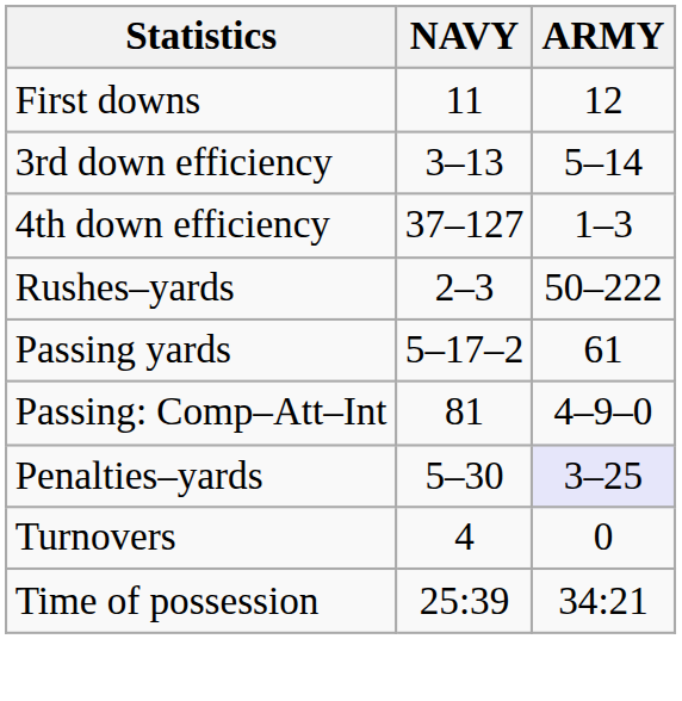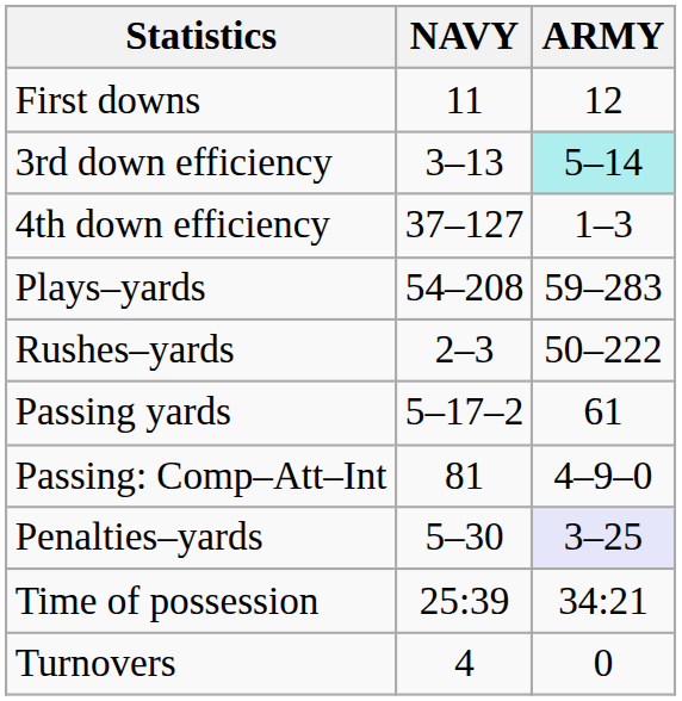 <table class="wikitable">
 <tr>
 <th>Statistics</th>
 <th>NAVY</th>
 <th>ARMY</th>
 </tr>
 <tr>
 <td>First downs</td>
 <td align=center>11</td>
 <td align=center>12</td>
 </tr>
 <tr>
 <td>3rd down efficiency</td>
 <td align=center>3–13</td>
-<td align=center>5–14</td>
+<td align=center style="background: paleturquoise;">5–14</td>
 </tr>
 <tr>
 <td>4th down efficiency</td>
 <td align=center>37–127</td>
 <td align=center>1–3</td>
+</tr>
+<tr>
+<td>Plays–yards</td>
+<td align=center>54–208</td>
+<td align=center>59–283</td>
 </tr>
 <tr>
 <td>Rushes–yards</td>
 <td align=center>2–3</td>
 <td align=center>50–222</td>
 </tr>
 <tr>
 <td>Passing yards</td>
 <td align=center>5–17–2</td>
 <td align=center>61</td>
 </tr>
 <tr>
 <td>Passing: Comp–Att–Int</td>
 <td align=center>81</td>
 <td align=center>4–9–0</td>
 </tr>
 <tr>
 <td>Penalties–yards</td>
 <td align=center>5–30</td>
 <td align=center style="background: lavender;">3–25</td>
 </tr>
 <tr>
+<td>Time of possession</td>
+<td align=center>25:39</td>
+<td align=center>34:21</td>
+</tr>
+<tr>
 <td>Turnovers</td>
 <td align=center>4</td>
 <td align=center>0</td>
 </tr>
-<tr>
-<td>Time of possession</td>
-<td align=center>25:39</td>
-<td align=center>34:21</td>
-</tr>
 </table>
